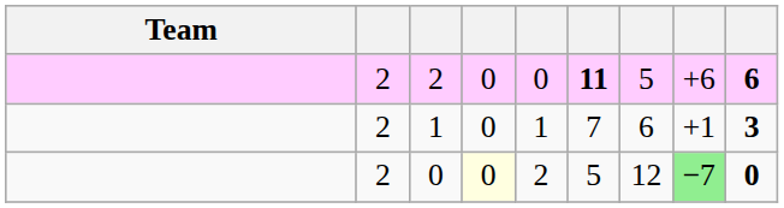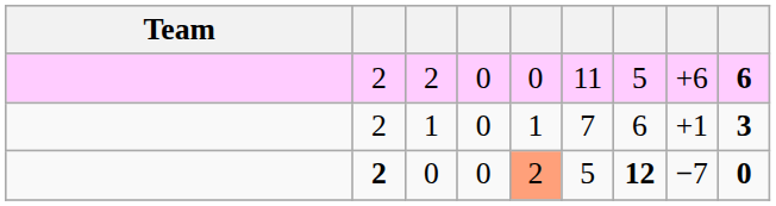 <table class="wikitable" style="text-align: center;">
 <tr>
 <th width="175">Team</th>
 <th width="20"></th>
 <th width="20"></th>
 <th width="20"></th>
 <th width="20"></th>
 <th width="20"></th>
 <th width="20"></th>
 <th width="20"></th>
 <th width="20"></th>
 </tr>
 <tr bgcolor="#ffccff">
 <td align=left></td>
 <td>2</td>
 <td>2</td>
 <td>0</td>
 <td>0</td>
-<td><strong>11</strong></td>
+<td>11</td>
 <td>5</td>
 <td>+6</td>
 <td><strong>6</strong></td>
 </tr>
 <tr>
 <td align=left></td>
 <td>2</td>
 <td>1</td>
 <td>0</td>
 <td>1</td>
 <td>7</td>
 <td>6</td>
 <td>+1</td>
 <td><strong>3</strong></td>
 </tr>
 <tr>
 <td align=left></td>
-<td>2</td>
+<td><strong>2</strong></td>
 <td>0</td>
-<td style="background: lightyellow;">0</td>
-<td>2</td>
+<td>0</td>
+<td style="background: lightsalmon;">2</td>
 <td>5</td>
-<td>12</td>
-<td style="background: lightgreen;">−7</td>
+<td><strong>12</strong></td>
+<td>−7</td>
 <td><strong>0</strong></td>
 </tr>
 </table>
